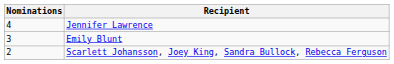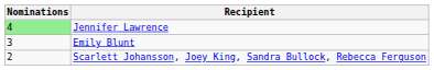 <table class="wikitable">
 <tr>
 <th>Nominations</th>
 <th>Recipient</th>
 </tr>
 <tr>
-<td>4</td>
+<td style="background: lightgreen;">4</td>
 <td><a href='#'>Jennifer Lawrence</a></td>
 </tr>
 <tr>
 <td>3</td>
 <td><a href='#'>Emily Blunt</a></td>
 </tr>
 <tr>
 <td>2</td>
 <td><a href='#'>Scarlett Johansson</a>, <a href='#'>Joey King</a>, <a href='#'>Sandra Bullock</a>, <a href='#'>Rebecca Ferguson</a></td>
 </tr>
 </table>
